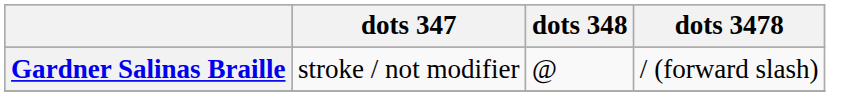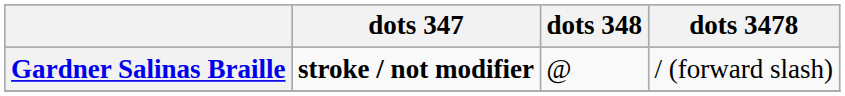 <table class="wikitable">
 <tr>
 <th></th>
 <th>dots 347</th>
 <th>dots 348</th>
 <th>dots 3478</th>
 </tr>
 <tr>
 <th align=left><a href='#'>Gardner Salinas Braille</a></th>
-<td>stroke / not modifier</td>
+<td><strong>stroke / not modifier</strong></td>
 <td>@</td>
 <td>/ (forward slash)</td>
 </tr>
 <tr>
 </tr>
 <tr>
 </tr>
 </table>
